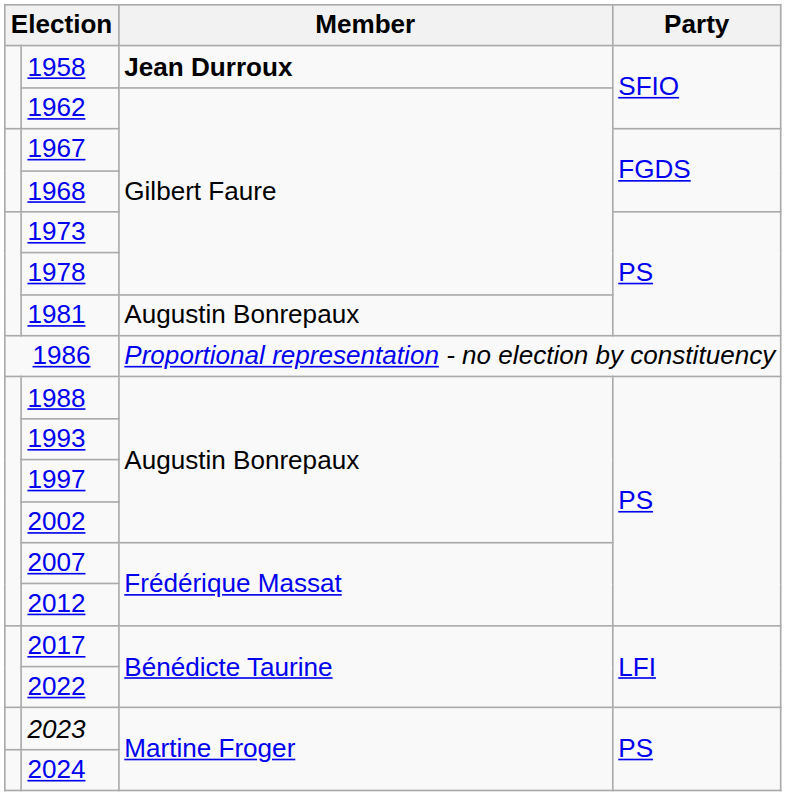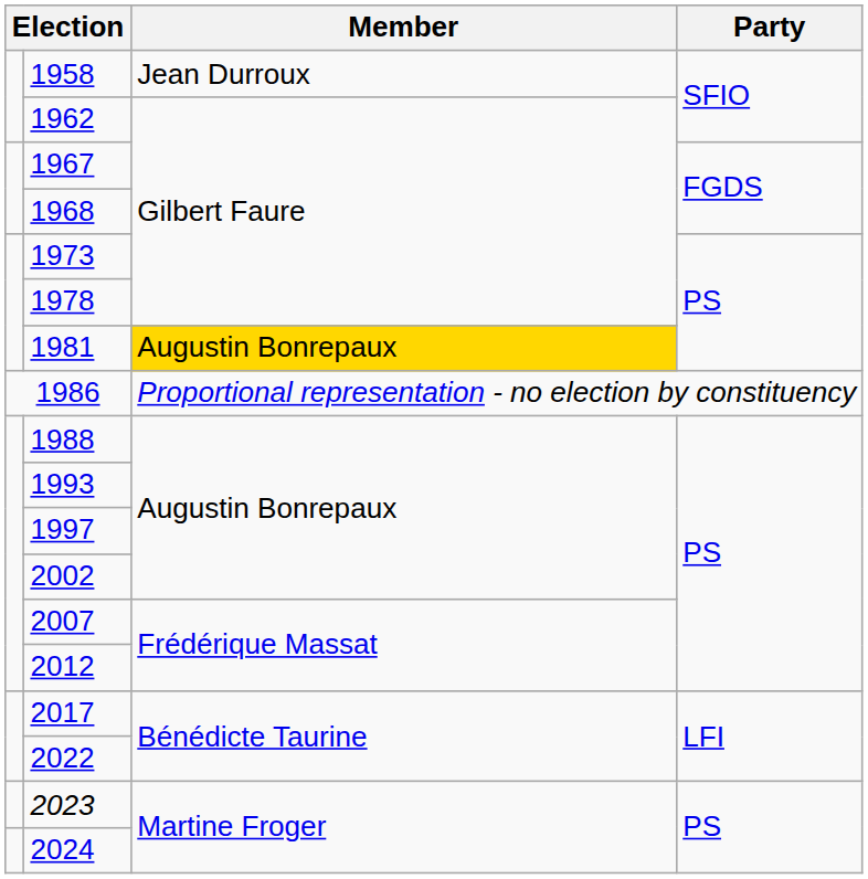 <table class="wikitable">
 <tr>
 <th colspan="2">Election</th>
 <th>Member</th>
 <th>Party</th>
 </tr>
 <tr>
 <td rowspan="2" style="background-color: "></td>
 <td><a href='#'>1958</a></td>
-<td><strong>Jean Durroux</strong></td>
+<td>Jean Durroux</td>
 <td rowspan="2"><a href='#'>SFIO</a></td>
 </tr>
 <tr>
 <td><a href='#'>1962</a></td>
 <td rowspan="5">Gilbert Faure</td>
 </tr>
 <tr>
 <td rowspan="2" style="background-color: "></td>
 <td><a href='#'>1967</a></td>
 <td rowspan="2"><a href='#'>FGDS</a></td>
 </tr>
 <tr>
 <td><a href='#'>1968</a></td>
 </tr>
 <tr>
 <td rowspan="3" style="background-color: "></td>
 <td><a href='#'>1973</a></td>
 <td rowspan="3"><a href='#'>PS</a></td>
 </tr>
 <tr>
 <td><a href='#'>1978</a></td>
 </tr>
 <tr>
 <td><a href='#'>1981</a></td>
-<td>Augustin Bonrepaux</td>
+<td style="background: gold;">Augustin Bonrepaux</td>
 </tr>
 <tr>
 <td colspan="2" align="center"><a href='#'>1986</a></td>
 <td colspan="2"><em><a href='#'>Proportional representation</a> - no election by constituency</em></td>
 </tr>
 <tr>
 <td rowspan="6" style="background-color: "></td>
 <td><a href='#'>1988</a></td>
 <td rowspan="4">Augustin Bonrepaux</td>
 <td rowspan="6"><a href='#'>PS</a></td>
 </tr>
 <tr>
 <td><a href='#'>1993</a></td>
 </tr>
 <tr>
 <td><a href='#'>1997</a></td>
 </tr>
 <tr>
 <td><a href='#'>2002</a></td>
 </tr>
 <tr>
 <td><a href='#'>2007</a></td>
 <td rowspan="2"><a href='#'>Frédérique Massat</a></td>
 </tr>
 <tr>
 <td><a href='#'>2012</a></td>
 </tr>
 <tr>
 <td rowspan=2 style="background-color: "></td>
 <td><a href='#'>2017</a></td>
 <td rowspan=2><a href='#'>Bénédicte Taurine</a></td>
 <td rowspan=2><a href='#'>LFI</a></td>
 </tr>
 <tr>
 <td><a href='#'>2022</a></td>
 </tr>
 <tr>
 <td style="color:inherit;background-color: "></td>
 <td><em>2023</em></td>
 <td rowspan="2"><a href='#'>Martine Froger</a></td>
 <td rowspan="2"><a href='#'>PS</a></td>
 </tr>
 <tr>
 <td style="color:inherit;background-color: "></td>
 <td><a href='#'>2024</a></td>
 </tr>
 </table>
